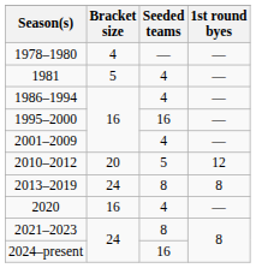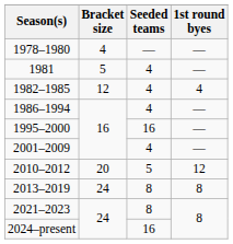 <table class="wikitable" style="text-align:center; font-size: %;">
 <tr>
 </tr>
 <tr>
 <th width=px>Season(s)</th>
 <th width=px>Bracket<br>size</th>
 <th width=px>Seeded<br>teams</th>
 <th width=px>1st round<br>byes</th>
 </tr>
 <tr>
 <td>1978–1980</td>
 <td>4</td>
 <td>—</td>
 <td>—</td>
 </tr>
 <tr>
 <td>1981</td>
 <td>5</td>
 <td>4</td>
 <td>—</td>
+</tr>
+<tr>
+<td>1982–1985</td>
+<td>12</td>
+<td>4</td>
+<td>4</td>
 </tr>
 <tr>
 <td>1986–1994</td>
 <td rowspan=3>16</td>
 <td>4</td>
 <td>—</td>
 </tr>
 <tr>
 <td>1995–2000</td>
 <td>16</td>
 <td>—</td>
 </tr>
 <tr>
 <td>2001–2009</td>
 <td>4</td>
 <td>—</td>
 </tr>
 <tr>
 <td>2010–2012</td>
 <td>20</td>
 <td>5</td>
 <td>12</td>
 </tr>
 <tr>
 <td>2013–2019</td>
 <td>24</td>
 <td>8</td>
 <td>8</td>
 </tr>
 <tr>
-<td>2020</td>
-<td>16</td>
-<td>4</td>
-<td>—</td>
-</tr>
-<tr>
 <td>2021–2023</td>
 <td rowspan=2>24</td>
 <td>8</td>
 <td rowspan=2>8</td>
 </tr>
 <tr>
 <td>2024–present</td>
 <td>16</td>
 </tr>
 </table>
